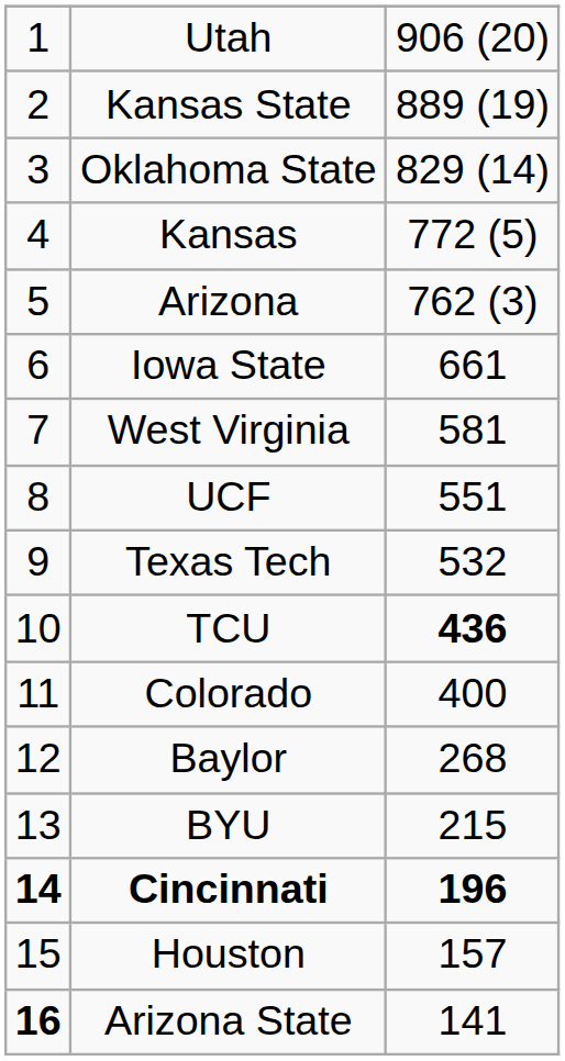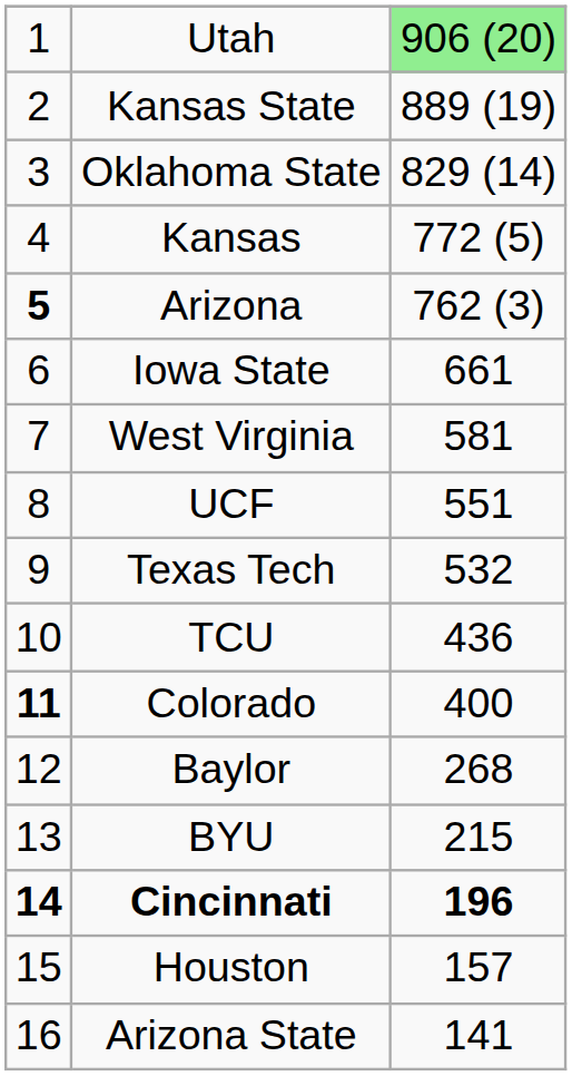 <table class="wikitable" style="display: inline-table;">
 <tr align="center">
 </tr>
 <tr align="center">
 <td>1</td>
 <td>Utah</td>
-<td>906 (20)</td>
+<td style="background: lightgreen;">906 (20)</td>
 </tr>
 <tr align="center">
 <td>2</td>
 <td>Kansas State</td>
 <td>889 (19)</td>
 </tr>
 <tr align="center">
 <td>3</td>
 <td>Oklahoma State</td>
 <td>829 (14)</td>
 </tr>
 <tr align="center">
 <td>4</td>
 <td>Kansas</td>
 <td>772 (5)</td>
 </tr>
 <tr align="center">
-<td>5</td>
+<td><strong>5</strong></td>
 <td>Arizona</td>
 <td>762 (3)</td>
 </tr>
 <tr align="center">
 <td>6</td>
 <td>Iowa State</td>
 <td>661</td>
 </tr>
 <tr align="center">
 <td>7</td>
 <td>West Virginia</td>
 <td>581</td>
 </tr>
 <tr align="center">
 <td>8</td>
 <td>UCF</td>
 <td>551</td>
 </tr>
 <tr align="center">
 <td>9</td>
 <td>Texas Tech</td>
 <td>532</td>
 </tr>
 <tr align="center">
 <td>10</td>
 <td>TCU</td>
-<td><strong>436</strong></td>
+<td>436</td>
 </tr>
 <tr align="center">
-<td>11</td>
+<td><strong>11</strong></td>
 <td>Colorado</td>
 <td>400</td>
 </tr>
 <tr align="center">
 <td>12</td>
 <td>Baylor</td>
 <td>268</td>
 </tr>
 <tr align="center">
 <td>13</td>
 <td>BYU</td>
 <td>215</td>
 </tr>
 <tr align="center">
 <td style=><strong>14</strong></td>
 <td><strong>Cincinnati</strong></td>
 <td style=><strong>196</strong></td>
 </tr>
 <tr align="center">
 <td>15</td>
 <td>Houston</td>
 <td>157</td>
 </tr>
 <tr align="center">
-<td><strong>16</strong></td>
+<td>16</td>
 <td>Arizona State</td>
 <td>141</td>
 </tr>
 </table>
